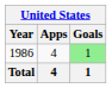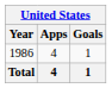 <table class="wikitable" style="text-align:center">
 <tr>
 <th colspan=3><a href='#'>United States</a></th>
 </tr>
 <tr>
 <th>Year</th>
 <th>Apps</th>
 <th>Goals</th>
 </tr>
 <tr>
 <td>1986</td>
 <td>4</td>
-<td style="background: lightgreen;">1</td>
+<td>1</td>
 </tr>
 <tr>
 <th>Total</th>
 <th>4</th>
 <th>1</th>
 </tr>
 </table>
